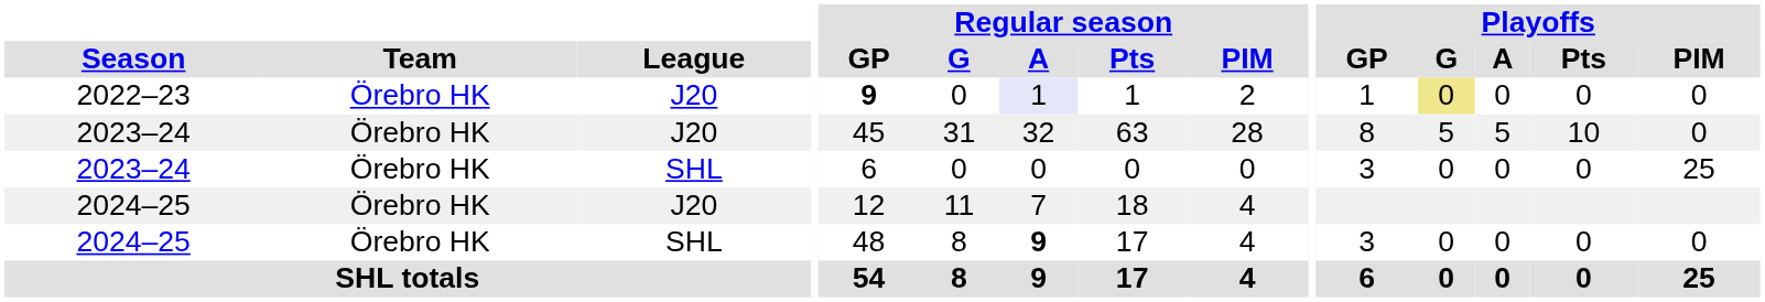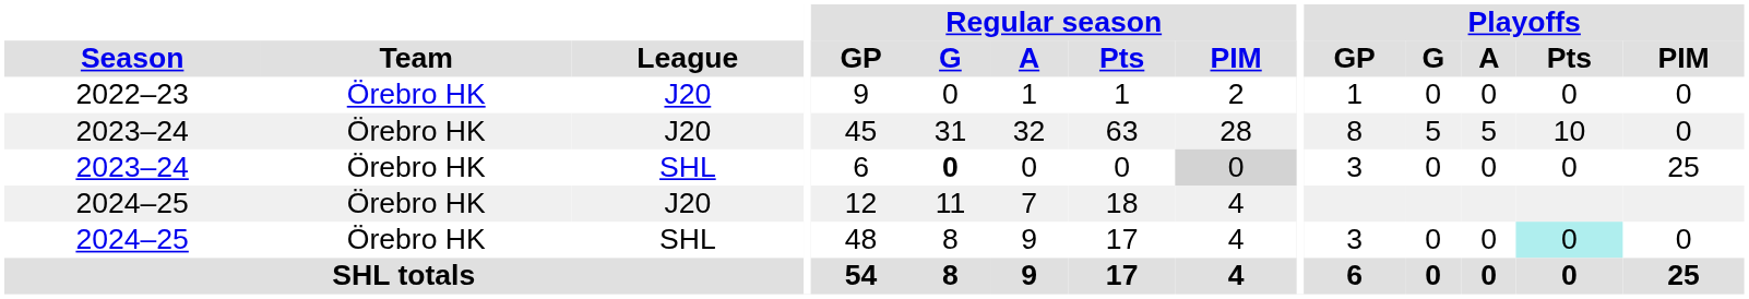 <table border="0" cellpadding="1" cellspacing="0" style="text-align:center; width:60em;">
 <tr bgcolor="#e0e0e0">
 <th colspan="3" bgcolor="#ffffff"></th>
 <th rowspan="99" bgcolor="#ffffff"></th>
 <th colspan="5"><a href='#'>Regular season</a></th>
 <th rowspan="99" bgcolor="#ffffff"></th>
 <th colspan="5"><a href='#'>Playoffs</a></th>
 </tr>
 <tr bgcolor="#e0e0e0">
 <th><a href='#'>Season</a></th>
 <th>Team</th>
 <th>League</th>
 <th>GP</th>
 <th><a href='#'>G</a></th>
 <th><a href='#'>A</a></th>
 <th><a href='#'>Pts</a></th>
 <th><a href='#'>PIM</a></th>
 <th>GP</th>
 <th>G</th>
 <th>A</th>
 <th>Pts</th>
 <th>PIM</th>
 </tr>
 <tr>
 <td>2022–23</td>
 <td><a href='#'>Örebro HK</a></td>
 <td><a href='#'>J20</a></td>
-<td><strong>9</strong></td>
+<td>9</td>
 <td>0</td>
-<td style="background: lavender;">1</td>
+<td>1</td>
 <td>1</td>
 <td>2</td>
 <td>1</td>
-<td style="background: khaki;">0</td>
+<td>0</td>
 <td>0</td>
 <td>0</td>
 <td>0</td>
 </tr>
 <tr bgcolor="#f0f0f0">
 <td>2023–24</td>
 <td>Örebro HK</td>
 <td>J20</td>
 <td>45</td>
 <td>31</td>
 <td>32</td>
 <td>63</td>
 <td>28</td>
 <td>8</td>
 <td>5</td>
 <td>5</td>
 <td>10</td>
 <td>0</td>
 </tr>
 <tr>
 <td><a href='#'>2023–24</a></td>
 <td>Örebro HK</td>
 <td><a href='#'>SHL</a></td>
 <td>6</td>
+<td><strong>0</strong></td>
 <td>0</td>
 <td>0</td>
-<td>0</td>
-<td>0</td>
+<td style="background: lightgrey;">0</td>
 <td>3</td>
 <td>0</td>
 <td>0</td>
 <td>0</td>
 <td>25</td>
 </tr>
 <tr bgcolor="#f0f0f0">
 <td>2024–25</td>
 <td>Örebro HK</td>
 <td>J20</td>
 <td>12</td>
 <td>11</td>
 <td>7</td>
 <td>18</td>
 <td>4</td>
 <td></td>
 <td></td>
 <td></td>
 <td></td>
 <td></td>
 </tr>
 <tr>
 <td><a href='#'>2024–25</a></td>
 <td>Örebro HK</td>
 <td>SHL</td>
 <td>48</td>
 <td>8</td>
-<td><strong>9</strong></td>
+<td>9</td>
 <td>17</td>
 <td>4</td>
 <td>3</td>
 <td>0</td>
 <td>0</td>
-<td>0</td>
+<td style="background: paleturquoise;">0</td>
 <td>0</td>
 </tr>
 <tr bgcolor="#e0e0e0">
 <th colspan="3">SHL totals</th>
 <th>54</th>
 <th>8</th>
 <th>9</th>
 <th>17</th>
 <th>4</th>
 <th>6</th>
 <th>0</th>
 <th>0</th>
 <th>0</th>
 <th>25</th>
 </tr>
 </table>
